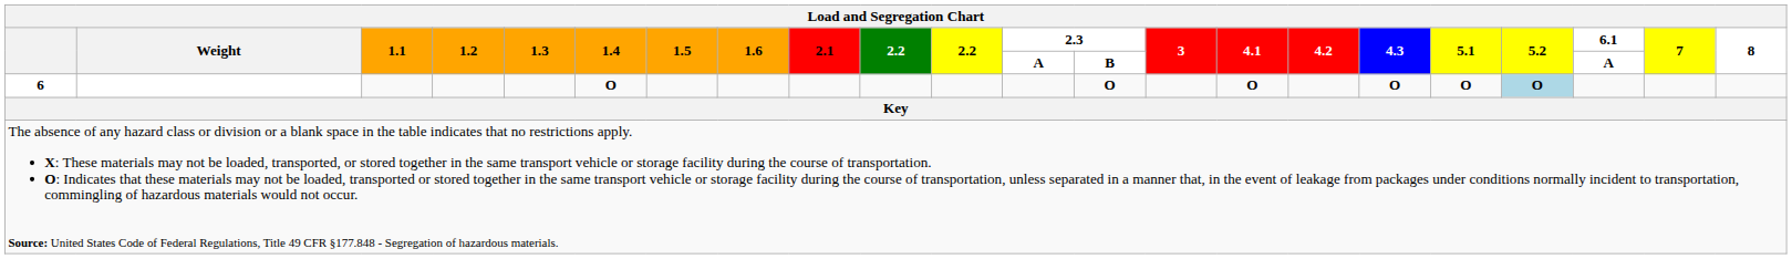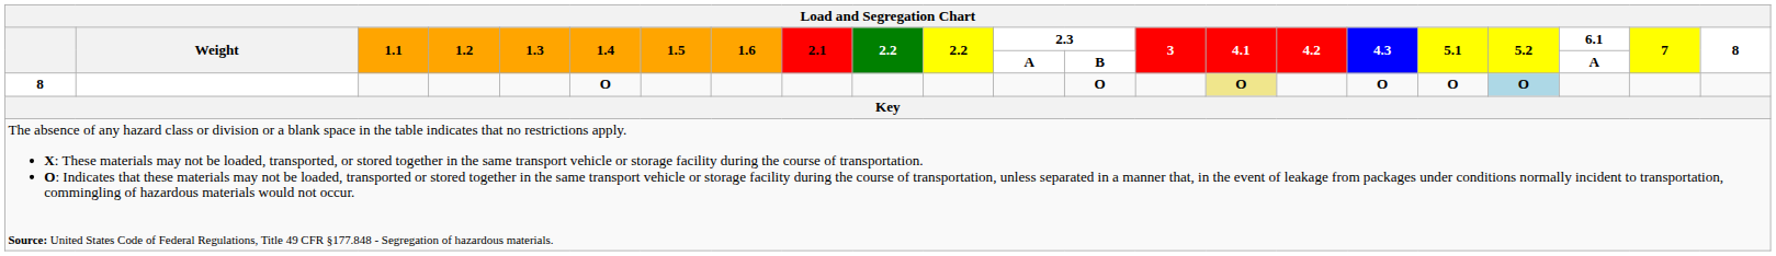 <table width=99% align=center class=wikitable>
 <tr>
 <th colspan=22>Load and Segregation Chart</th>
 </tr>
 <tr>
 <th rowspan=2 width=4%> </th>
 <th rowspan=2><strong>Weight</strong></th>
 <td rowspan=2 style="text-align:center;background-color:orange;" width=4%><strong>1.1</strong></td>
 <td rowspan=2 style="text-align:center;background-color:orange;" width=4%><strong>1.2</strong></td>
 <td rowspan=2 style="text-align:center;background-color:orange;" width=4%><strong>1.3</strong></td>
 <td rowspan=2 style="text-align:center;background-color:orange;" width=4%><strong>1.4</strong></td>
 <td rowspan=2 style="text-align:center;background-color:orange;" width=4%><strong>1.5</strong></td>
 <td rowspan=2 style="text-align:center;background-color:orange;" width=4%><strong>1.6</strong></td>
 <td rowspan=2 style="text-align:center;background-color:red;" width=4%><strong>2.1</strong></td>
 <td rowspan=2 style="text-align:center;background-color:green;color:white;" width=4%><strong>2.2</strong></td>
 <td rowspan=2 style="text-align:center;background-color:yellow;" width=4%><strong>2.2</strong></td>
 <td colspan=2 style="text-align:center;background-color:white;" width=8%><strong>2.3</strong></td>
 <td rowspan=2 style="text-align:center;background-color:red;color:white;" width=4%><strong>3</strong></td>
 <td rowspan=2 style="text-align:center;background-color:red;color:white;" width=4%><strong>4.1</strong></td>
 <td rowspan=2 style="text-align:center;background-color:red;color:white;" width=4%><strong>4.2</strong></td>
 <td rowspan=2 style="text-align:center;background-color:blue;color:white;" width=4%><strong>4.3</strong></td>
 <td rowspan=2 style="text-align:center;background-color:yellow;" width=4%><strong>5.1</strong></td>
 <td rowspan=2 style="text-align:center;background-color:yellow;" width=4%><strong>5.2</strong></td>
 <td style="text-align:center;background-color:white;" width=4%><strong>6.1</strong></td>
 <td rowspan=2 style="text-align:center;background-color:yellow;" width=4%><strong>7</strong></td>
 <td rowspan=2 style="text-align:center;background-color:white;" width=4%><strong>8</strong></td>
 </tr>
 <tr>
 <td style="text-align:center;background-color:white;" width=4%><strong>A</strong></td>
 <td style="text-align:center;background-color:white;" width=4%><strong>B</strong></td>
 <td style="text-align:center;background-color:white;"><strong>A</strong></td>
 </tr>
 <tr>
-<td style="text-align:center;background-color:white;"><strong>6</strong></td>
+<td style="text-align:center;background-color:white;"><strong>8</strong></td>
 <td style="text-align:center;background-color:white;"><strong></strong></td>
 <td></td>
 <td></td>
 <td></td>
 <td style="text-align:center;"><strong>O</strong></td>
 <td></td>
 <td style="text-align:center;"> </td>
 <td style="text-align:center;"> </td>
 <td style="text-align:center;"> </td>
 <td style="text-align:center;"> </td>
 <td></td>
 <td style="text-align:center;"><strong>O</strong></td>
 <td style="text-align:center;"> </td>
-<td style="text-align:center;"><strong>O</strong></td>
+<td style="background: khaki; text-align:center;"><strong>O</strong></td>
 <td></td>
 <td style="text-align:center;"><strong>O</strong></td>
 <td style="text-align:center;"><strong>O</strong></td>
 <td style="background: lightblue; text-align:center;"><strong>O</strong></td>
 <td></td>
 <td style="text-align:center;"> </td>
 <td style="text-align:center;"> </td>
 </tr>
 <tr>
 <th colspan=22>Key</th>
 </tr>
 <tr>
 <td colspan=22>The absence of any hazard class or division or a blank space in the table indicates that no restrictions apply.<br><ul><li><strong>X</strong>: These materials may not be loaded, transported, or stored together in the same transport vehicle or storage facility during the course of transportation.</li><li><strong>O</strong>: Indicates that these materials may not be loaded, transported or stored together in the same transport vehicle or storage facility during the course of transportation, unless separated in a manner that, in the event of leakage from packages under conditions normally incident to transportation, commingling of hazardous materials would not occur.</li></ul><br><small><strong>Source:</strong> United States Code of Federal Regulations, Title 49 CFR §177.848 - Segregation of hazardous materials. </small></td>
 </tr>
 </table>
